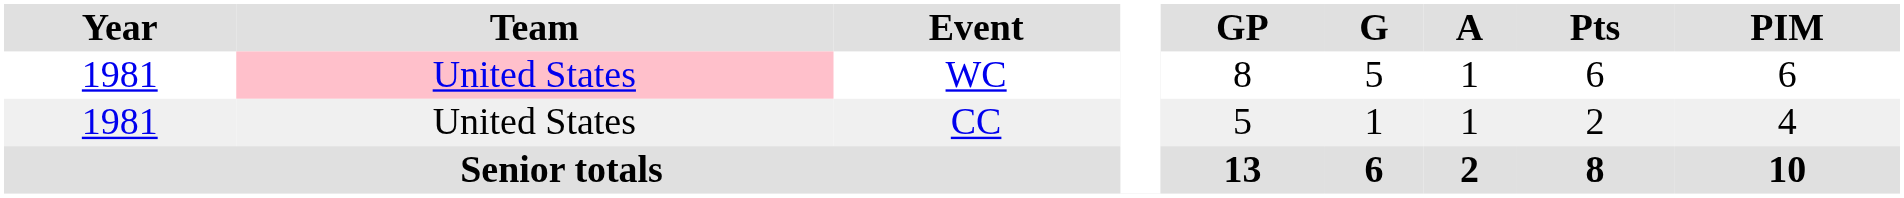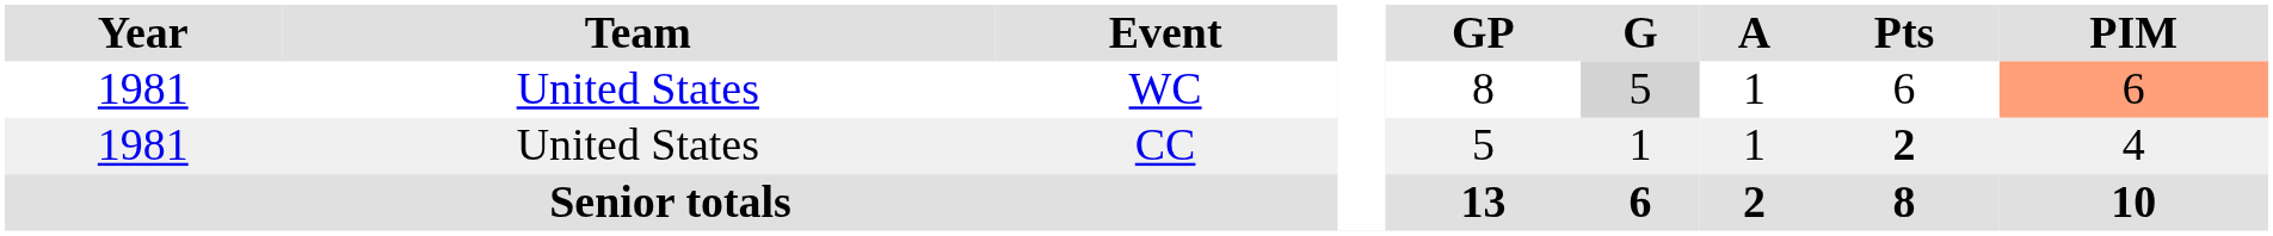 <table border="0" cellpadding="1" cellspacing="0" style="text-align:center; width:50em">
 <tr ALIGN="center" bgcolor="#e0e0e0">
 <th>Year</th>
 <th>Team</th>
 <th>Event</th>
 <th rowspan="99" bgcolor="#ffffff"> </th>
 <th>GP</th>
 <th>G</th>
 <th>A</th>
 <th>Pts</th>
 <th>PIM</th>
 </tr>
 <tr>
 <td><a href='#'>1981</a></td>
-<td style="background: pink;"><a href='#'>United States</a></td>
+<td><a href='#'>United States</a></td>
 <td><a href='#'>WC</a></td>
 <td>8</td>
-<td>5</td>
+<td style="background: lightgrey;">5</td>
 <td>1</td>
 <td>6</td>
-<td>6</td>
+<td style="background: lightsalmon;">6</td>
 </tr>
 <tr bgcolor="#f0f0f0">
 <td><a href='#'>1981</a></td>
 <td>United States</td>
 <td><a href='#'>CC</a></td>
 <td>5</td>
 <td>1</td>
 <td>1</td>
-<td>2</td>
+<td><strong>2</strong></td>
 <td>4</td>
 </tr>
 <tr bgcolor="#e0e0e0">
 <th colspan=3>Senior totals</th>
 <th>13</th>
 <th>6</th>
 <th>2</th>
 <th>8</th>
 <th>10</th>
 </tr>
 </table>
